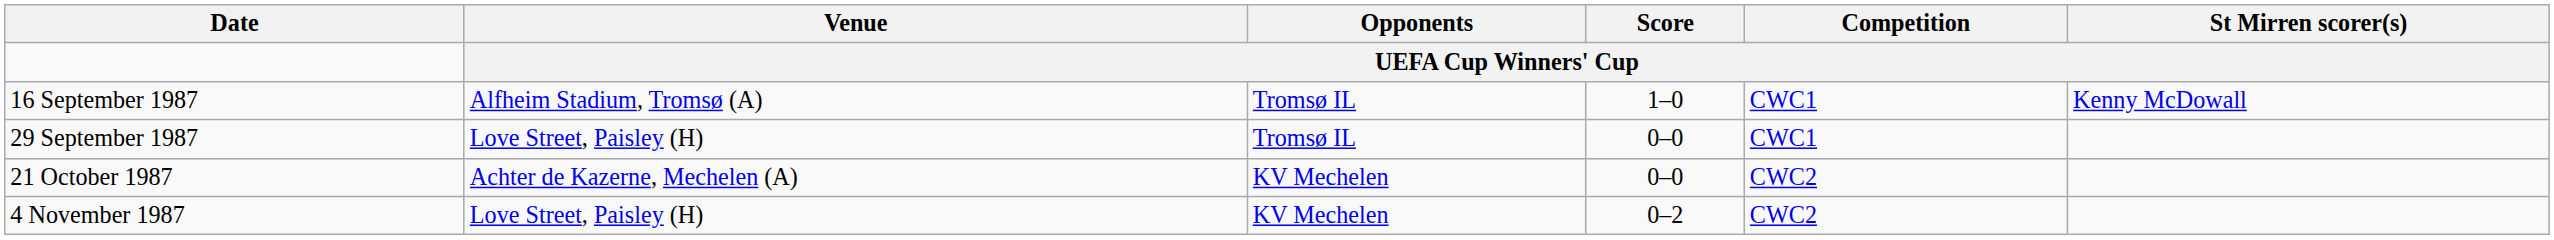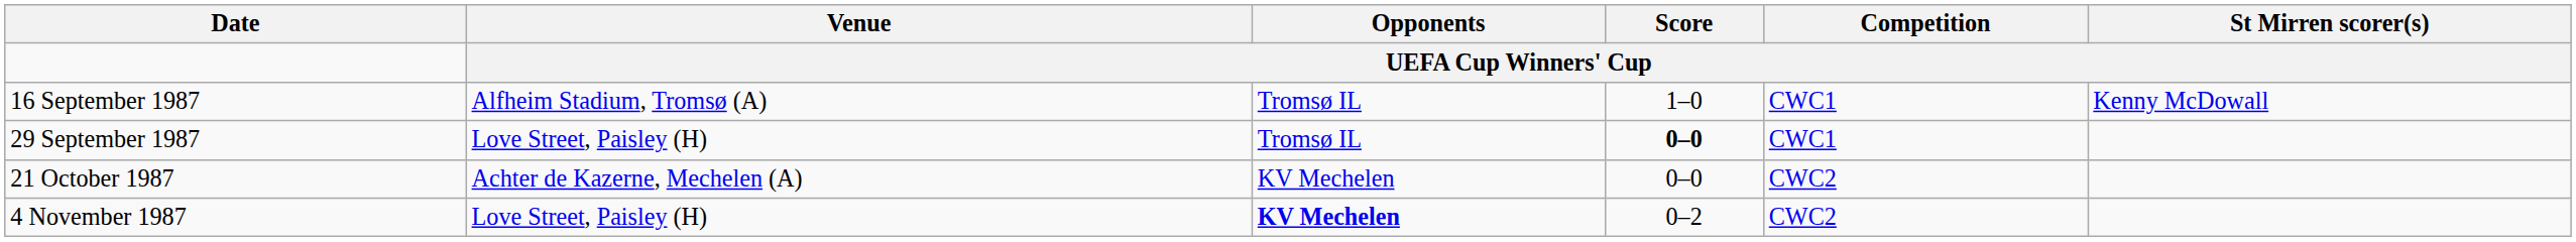 <table class="wikitable" width=85%>
 <tr>
 <th>Date</th>
 <th>Venue</th>
 <th>Opponents</th>
 <th>Score</th>
 <th>Competition</th>
 <th>St Mirren scorer(s)</th>
 </tr>
 <tr>
 <td></td>
 <th colspan=7>UEFA Cup Winners' Cup</th>
 </tr>
 <tr>
 <td>16 September 1987</td>
 <td><a href='#'>Alfheim Stadium</a>, <a href='#'>Tromsø</a> (A)</td>
 <td><a href='#'>Tromsø IL</a></td>
 <td align=center>1–0</td>
 <td><a href='#'>CWC1</a></td>
 <td><a href='#'>Kenny McDowall</a></td>
 </tr>
 <tr>
 <td>29 September 1987</td>
 <td><a href='#'>Love Street</a>, <a href='#'>Paisley</a> (H)</td>
 <td><a href='#'>Tromsø IL</a></td>
-<td align=center>0–0</td>
+<td align=center><strong>0–0</strong></td>
 <td><a href='#'>CWC1</a></td>
 <td></td>
 </tr>
 <tr>
 <td>21 October 1987</td>
 <td><a href='#'>Achter de Kazerne</a>, <a href='#'>Mechelen</a> (A)</td>
 <td><a href='#'>KV Mechelen</a></td>
 <td align=center>0–0</td>
 <td><a href='#'>CWC2</a></td>
 <td></td>
 </tr>
 <tr>
 <td>4 November 1987</td>
 <td><a href='#'>Love Street</a>, <a href='#'>Paisley</a> (H)</td>
-<td><a href='#'>KV Mechelen</a></td>
+<td><strong><a href='#'>KV Mechelen</a></strong></td>
 <td align=center>0–2</td>
 <td><a href='#'>CWC2</a></td>
 <td></td>
 </tr>
 </table>
